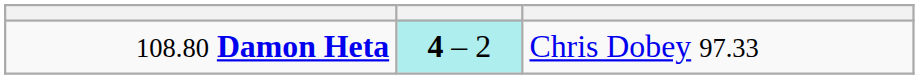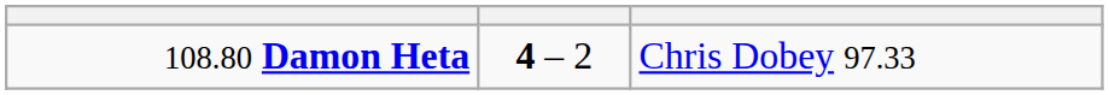 <table class="wikitable" style="font-size: 90%; margin: 1em auto 1em auto;">
 <tr>
 <th width="170" align=center></th>
 <th width="50" align=center></th>
 <th width="170" align=center></th>
 </tr>
 <tr>
 <td valign=top align=right><small>108.80</small> <strong><a href='#'>Damon Heta</a></strong> </td>
-<td valign=top align=center style="background: paleturquoise;"><strong>4</strong> – 2</td>
+<td valign=top align=center><strong>4</strong> – 2</td>
 <td> <a href='#'>Chris Dobey</a> <small>97.33</small></td>
 </tr>
 </table>
